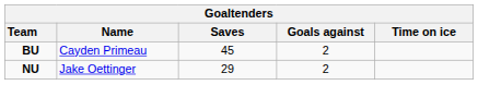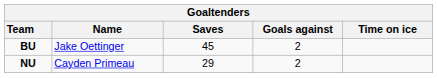 <table class="wikitable" style="width:40em; text-align:right;">
 <tr>
 <th colspan=5>Goaltenders</th>
 </tr>
 <tr>
 <th style="width:4em; text-align:left;">Team</th>
 <th style="width:10em;">Name</th>
 <th style="width:8em;">Saves</th>
 <th style="width:8em;">Goals against</th>
 <th style="width:8em;">Time on ice</th>
 </tr>
 <tr>
 <td align=center><strong>BU</strong></td>
-<td style="text-align:left;"><a href='#'>Cayden Primeau</a></td>
+<td style="text-align:left;"><a href='#'>Jake Oettinger</a></td>
 <td align=center>45</td>
 <td align=center>2</td>
 <td align=center></td>
 </tr>
 <tr>
 <td align=center><strong>NU</strong></td>
-<td style="text-align:left;"><a href='#'>Jake Oettinger</a></td>
+<td style="text-align:left;"><a href='#'>Cayden Primeau</a></td>
 <td align=center>29</td>
 <td align=center>2</td>
 <td align=center></td>
 </tr>
 </table>
